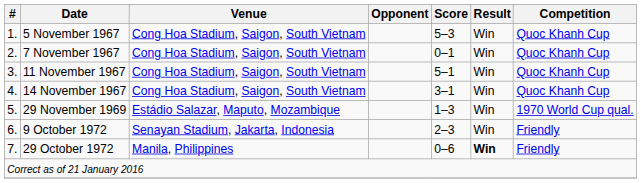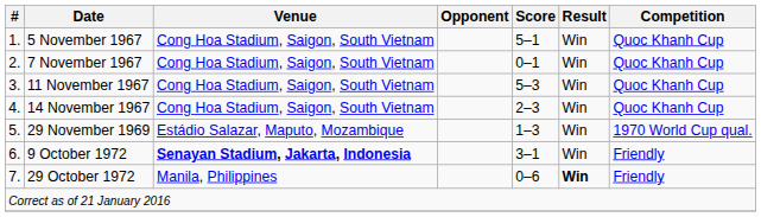 <table class="wikitable" style="font-size:95%;">
 <tr>
 <th>#</th>
 <th>Date</th>
 <th>Venue</th>
 <th>Opponent</th>
 <th>Score</th>
 <th>Result</th>
 <th>Competition</th>
 </tr>
 <tr>
 <td>1.</td>
 <td>5 November 1967</td>
 <td><a href='#'>Cong Hoa Stadium</a>, <a href='#'>Saigon</a>, <a href='#'>South Vietnam</a></td>
 <td></td>
-<td>5–3</td>
+<td>5–1</td>
 <td>Win</td>
 <td><a href='#'>Quoc Khanh Cup</a></td>
 </tr>
 <tr>
 <td>2.</td>
 <td>7 November 1967</td>
 <td><a href='#'>Cong Hoa Stadium</a>, <a href='#'>Saigon</a>, <a href='#'>South Vietnam</a></td>
 <td></td>
 <td>0–1</td>
 <td>Win</td>
 <td><a href='#'>Quoc Khanh Cup</a></td>
 </tr>
 <tr>
 <td>3.</td>
 <td>11 November 1967</td>
 <td><a href='#'>Cong Hoa Stadium</a>, <a href='#'>Saigon</a>, <a href='#'>South Vietnam</a></td>
 <td></td>
-<td>5–1</td>
+<td>5–3</td>
 <td>Win</td>
 <td><a href='#'>Quoc Khanh Cup</a></td>
 </tr>
 <tr>
 <td>4.</td>
 <td>14 November 1967</td>
 <td><a href='#'>Cong Hoa Stadium</a>, <a href='#'>Saigon</a>, <a href='#'>South Vietnam</a></td>
 <td></td>
-<td>3–1</td>
+<td>2–3</td>
 <td>Win</td>
 <td><a href='#'>Quoc Khanh Cup</a></td>
 </tr>
 <tr>
 <td>5.</td>
 <td>29 November 1969</td>
 <td><a href='#'>Estádio Salazar</a>, <a href='#'>Maputo</a>, <a href='#'>Mozambique</a></td>
 <td></td>
 <td>1–3</td>
 <td>Win</td>
 <td><a href='#'>1970 World Cup qual.</a></td>
 </tr>
 <tr>
 <td>6.</td>
 <td>9 October 1972</td>
-<td><a href='#'>Senayan Stadium</a>, <a href='#'>Jakarta</a>, <a href='#'>Indonesia</a></td>
+<td><strong><a href='#'>Senayan Stadium</a>, <a href='#'>Jakarta</a>, <a href='#'>Indonesia</a></strong></td>
 <td></td>
-<td>2–3</td>
+<td>3–1</td>
 <td>Win</td>
 <td><a href='#'>Friendly</a></td>
 </tr>
 <tr>
 <td>7.</td>
 <td>29 October 1972</td>
 <td><a href='#'>Manila</a>, <a href='#'>Philippines</a></td>
 <td></td>
 <td>0–6</td>
 <td><strong>Win</strong></td>
 <td><a href='#'>Friendly</a></td>
 </tr>
 <tr>
 <td colspan="12"><small><em>Correct as of 21 January 2016</em></small></td>
 </tr>
 <tr>
 </tr>
 </table>
